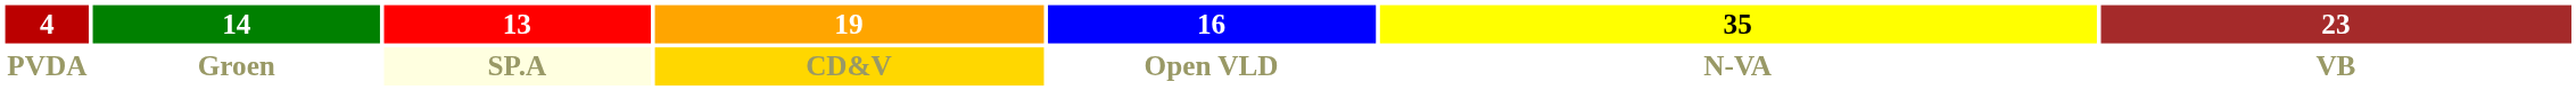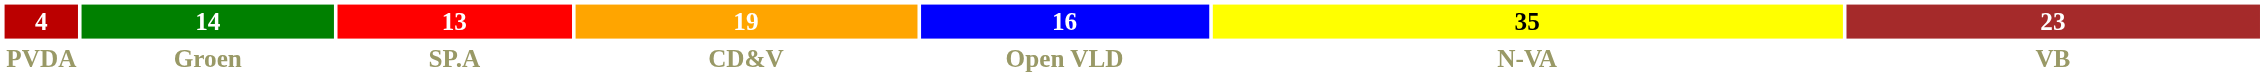 <table style="width:100%; font-size:88%; text-align:center;">
 <tr style="font-weight:bold">
 <td style="background:#BB0000; width:3.23%; color:white">4</td>
 <td style="background:green; width:11.29%; color:white">14</td>
 <td style="background:red; width:10.48%; color:white">13</td>
 <td style="background:orange; width:15.32%; color:white">19</td>
 <td style="background:blue; width:12.90%; color:white">16</td>
 <td style="background:yellow; width:28.23%; color:black">35</td>
 <td style="background:brown; width:18.55%; color:white">23</td>
 </tr>
 <tr style="font-weight:bold; color:#996;">
 <td>PVDA</td>
 <td>Groen</td>
-<td style="background: lightyellow;">SP.A</td>
-<td style="background: gold;">CD&V</td>
+<td>SP.A</td>
+<td>CD&V</td>
 <td>Open VLD</td>
 <td>N-VA</td>
 <td>VB</td>
 </tr>
 </table>
